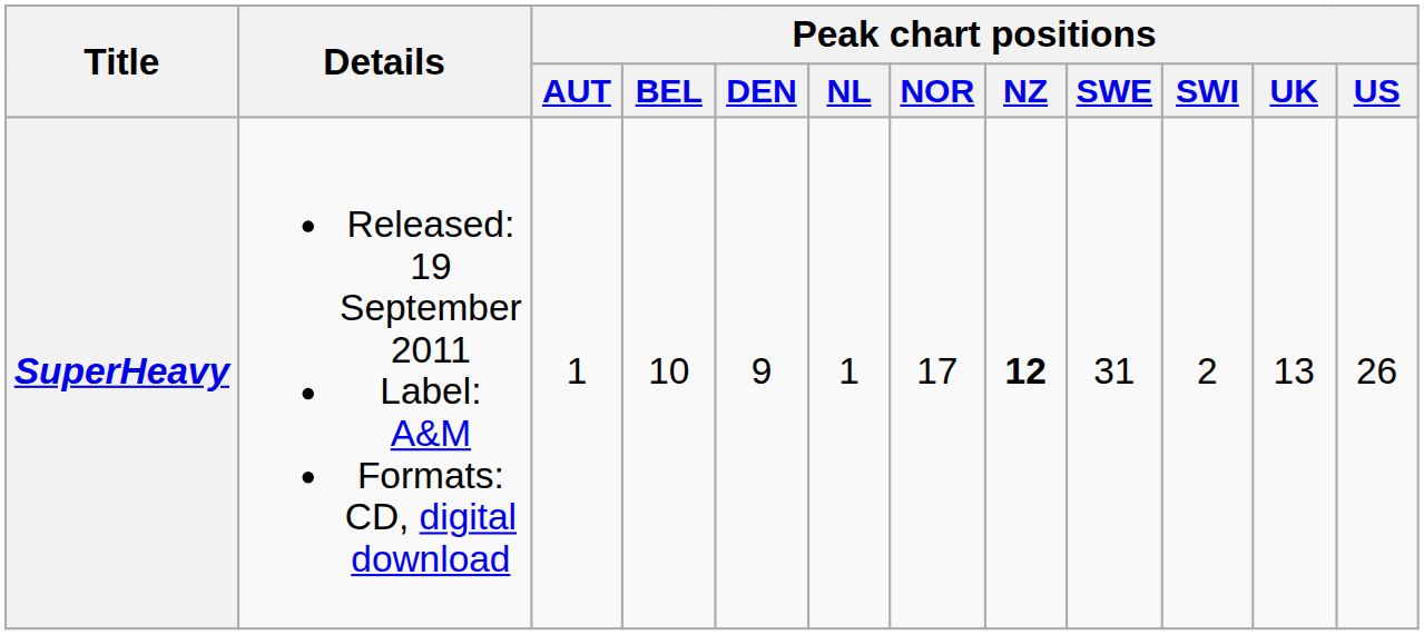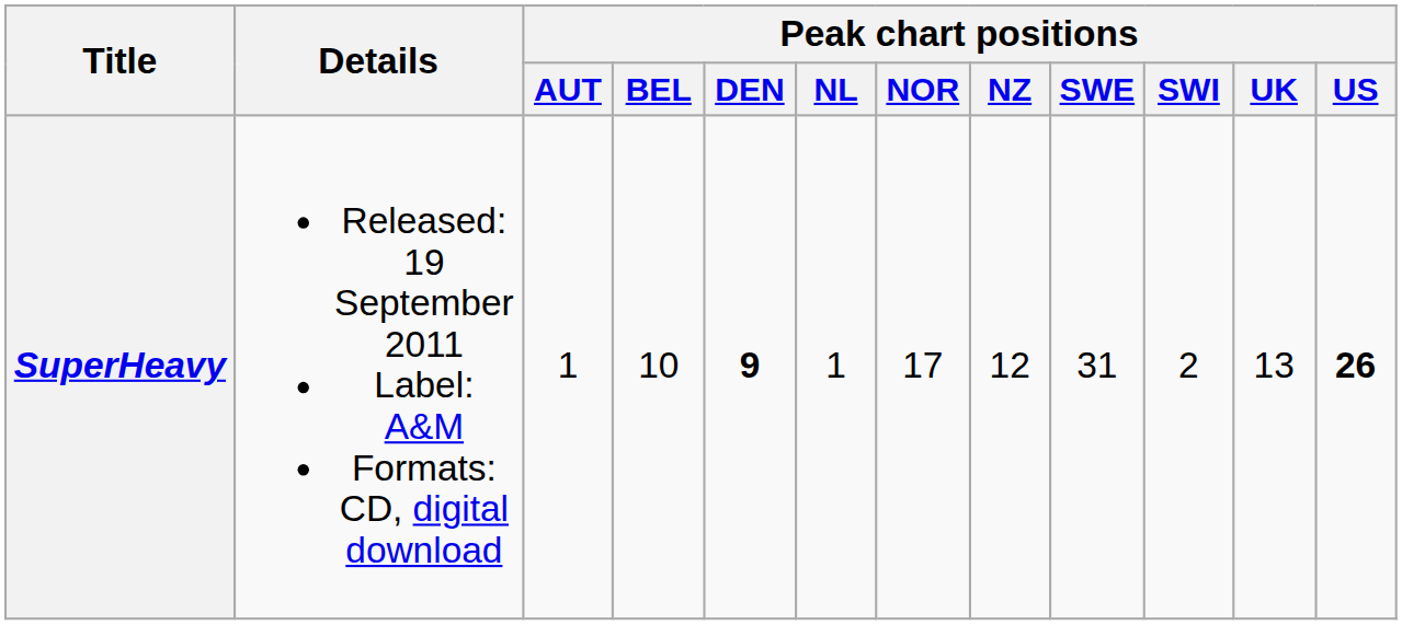 <table class="wikitable plainrowheaders" style="text-align:center;" border="1">
 <tr>
 <th scope="col" rowspan="2">Title</th>
 <th scope="col" rowspan="2">Details</th>
 <th scope="col" colspan="10">Peak chart positions</th>
 </tr>
 <tr>
 <th scope="col" style="width:2.5em;font-size:90%;"><a href='#'>AUT</a><br></th>
 <th scope="col" style="width:2.5em;font-size:90%;"><a href='#'>BEL</a><br></th>
 <th scope="col" style="width:2.5em;font-size:90%;"><a href='#'>DEN</a><br></th>
 <th scope="col" style="width:2.5em;font-size:90%;"><a href='#'>NL</a><br></th>
 <th scope="col" style="width:2.5em;font-size:90%;"><a href='#'>NOR</a><br></th>
 <th scope="col" style="width:2.5em;font-size:90%;"><a href='#'>NZ</a><br></th>
 <th scope="col" style="width:2.5em;font-size:90%;"><a href='#'>SWE</a><br></th>
 <th scope="col" style="width:2.5em;font-size:90%;"><a href='#'>SWI</a><br></th>
 <th scope="col" style="width:2.5em;font-size:90%;"><a href='#'>UK</a><br></th>
 <th scope="col" style="width:2.5em;font-size:90%;"><a href='#'>US</a><br></th>
 </tr>
 <tr>
 <th scope="row"><em><a href='#'>SuperHeavy</a></em></th>
 <td><br><ul><li>Released: 19 September 2011</li><li>Label: <a href='#'>A&M</a></li><li>Formats: CD, <a href='#'>digital download</a></li></ul></td>
 <td>1</td>
 <td>10</td>
-<td>9</td>
+<td><strong>9</strong></td>
 <td>1</td>
 <td>17</td>
-<td><strong>12</strong></td>
+<td>12</td>
 <td>31</td>
 <td>2</td>
 <td>13</td>
-<td>26</td>
+<td><strong>26</strong></td>
 </tr>
 </table>
